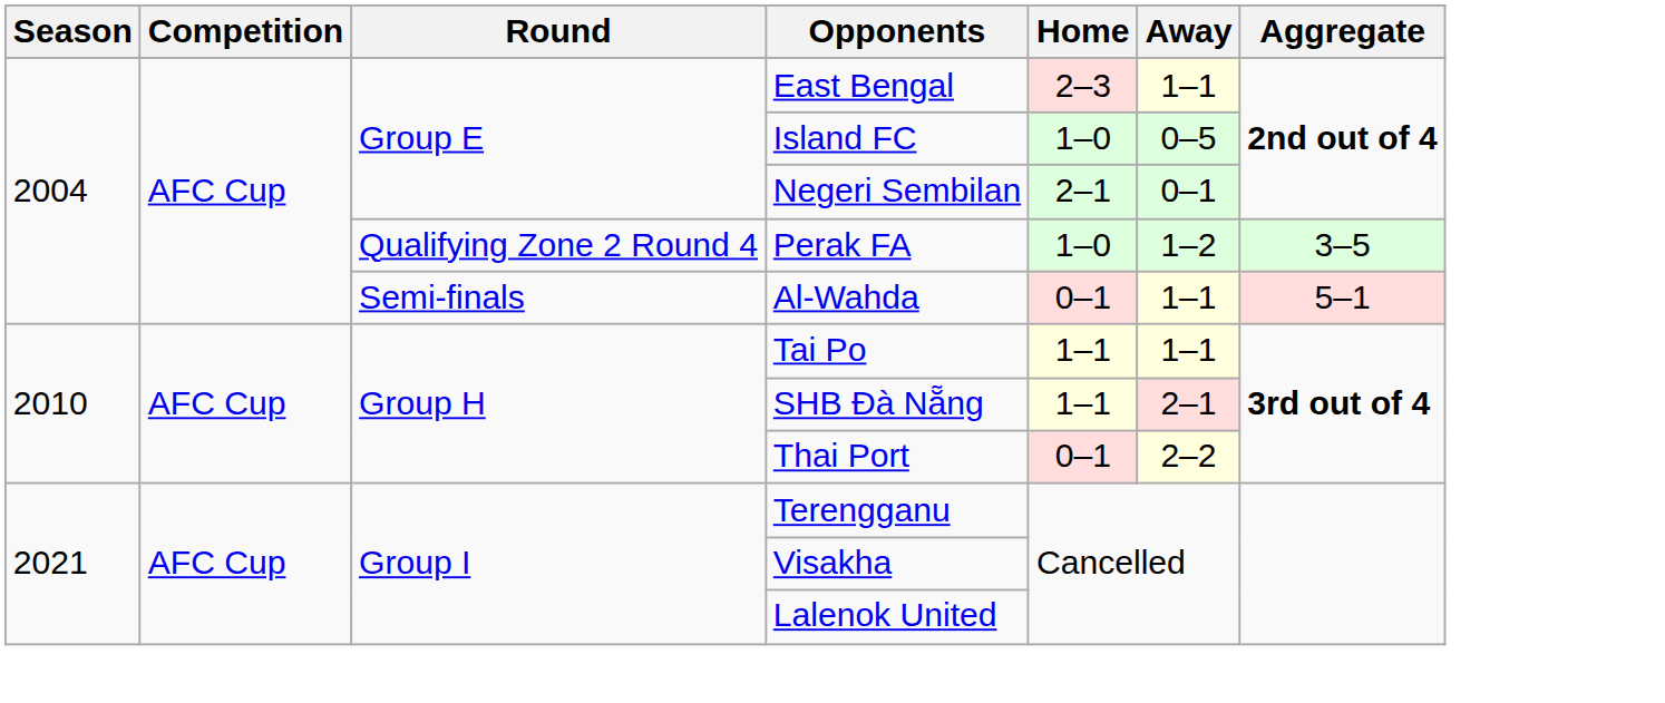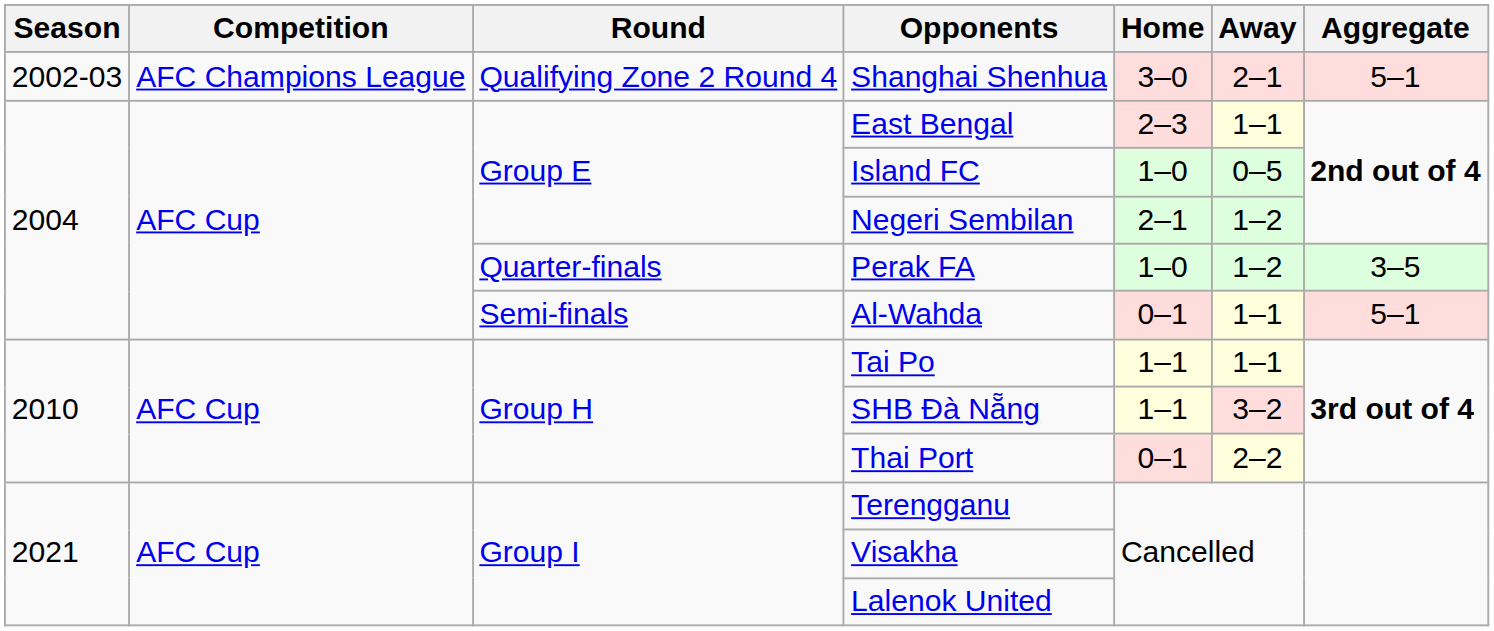 <table class="wikitable">
 <tr>
 <th><strong>Season</strong></th>
 <th>Competition</th>
 <th><strong>Round</strong></th>
 <th><strong>Opponents</strong></th>
 <th>Home</th>
 <th>Away</th>
 <th>Aggregate</th>
+</tr>
+<tr>
+<td>2002-03</td>
+<td><a href='#'>AFC Champions League</a></td>
+<td><a href='#'>Qualifying Zone 2 Round 4</a></td>
+<td> <a href='#'>Shanghai Shenhua</a></td>
+<td style="text-align:center; background:#FFDDDD;">3–0</td>
+<td style="text-align:center; background:#FFDDDD;">2–1</td>
+<td style="text-align:center; background:#FFDDDD;">5–1</td>
 </tr>
 <tr>
 <td rowspan="5">2004</td>
 <td rowspan="5"><a href='#'>AFC Cup</a></td>
 <td rowspan="3"><a href='#'>Group E</a></td>
 <td> <a href='#'>East Bengal</a></td>
 <td style="text-align:center; background:#FFDDDD;">2–3</td>
 <td style="text-align:center; background:#FFFFDD;">1–1</td>
 <td rowspan="3"><strong>2nd out of 4</strong></td>
 </tr>
 <tr>
 <td> <a href='#'>Island FC</a></td>
 <td style="text-align:center; background:#DDFFDD;">1–0</td>
 <td style="text-align:center; background:#DDFFDD;">0–5</td>
 </tr>
 <tr>
 <td> <a href='#'>Negeri Sembilan</a></td>
 <td style="text-align:center; background:#DDFFDD;">2–1</td>
-<td style="text-align:center; background:#DDFFDD;">0–1</td>
+<td style="text-align:center; background:#DDFFDD;">1–2</td>
 </tr>
 <tr>
-<td><a href='#'>Qualifying Zone 2 Round 4</a></td>
+<td><a href='#'>Quarter-finals</a></td>
 <td> <a href='#'>Perak FA</a></td>
 <td style="text-align:center; background:#DDFFDD;">1–0</td>
 <td style="text-align:center; background:#DDFFDD;">1–2</td>
 <td style="text-align:center; background:#DDFFDD;">3–5</td>
 </tr>
 <tr>
 <td><a href='#'>Semi-finals</a></td>
 <td> <a href='#'>Al-Wahda</a></td>
 <td style="text-align:center; background:#FFDDDD;">0–1</td>
 <td style="text-align:center; background:#FFFFDD;">1–1</td>
 <td style="text-align:center; background:#FFDDDD;">5–1</td>
 </tr>
 <tr>
 <td rowspan="3">2010</td>
 <td rowspan="3"><a href='#'>AFC Cup</a></td>
 <td rowspan="3"><a href='#'>Group H</a></td>
 <td> <a href='#'>Tai Po</a></td>
 <td style="text-align:center; background:#FFFFDD;">1–1</td>
 <td style="text-align:center; background:#FFFFDD;">1–1</td>
 <td rowspan="3"><strong>3rd out of 4</strong></td>
 </tr>
 <tr>
 <td> <a href='#'>SHB Đà Nẵng</a></td>
 <td style="text-align:center; background:#FFFFDD;">1–1</td>
-<td style="text-align:center; background:#FFDDDD;">2–1</td>
+<td style="text-align:center; background:#FFDDDD;">3–2</td>
 </tr>
 <tr>
 <td> <a href='#'>Thai Port</a></td>
 <td style="text-align:center; background:#FFDDDD;">0–1</td>
 <td style="text-align:center; background:#FFFFDD;">2–2</td>
 </tr>
 <tr>
 <td rowspan="3">2021</td>
 <td rowspan="3"><a href='#'>AFC Cup</a></td>
 <td rowspan="3"><a href='#'>Group I</a></td>
 <td> <a href='#'>Terengganu</a></td>
 <td colspan="2" rowspan="3">Cancelled</td>
 <td rowspan="3"></td>
 </tr>
 <tr>
 <td> <a href='#'>Visakha</a></td>
 </tr>
 <tr>
 <td> <a href='#'>Lalenok United</a></td>
 </tr>
 </table>
